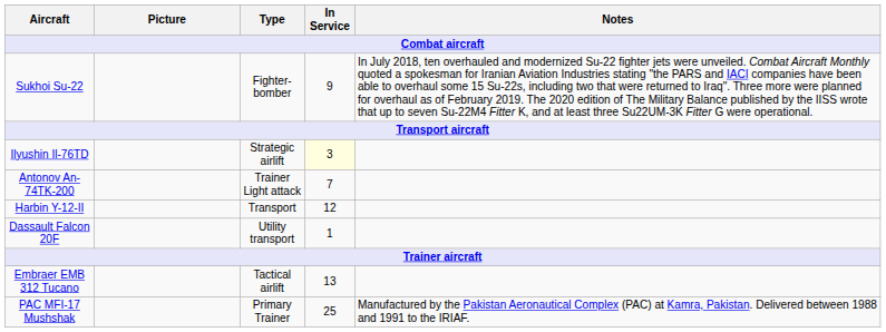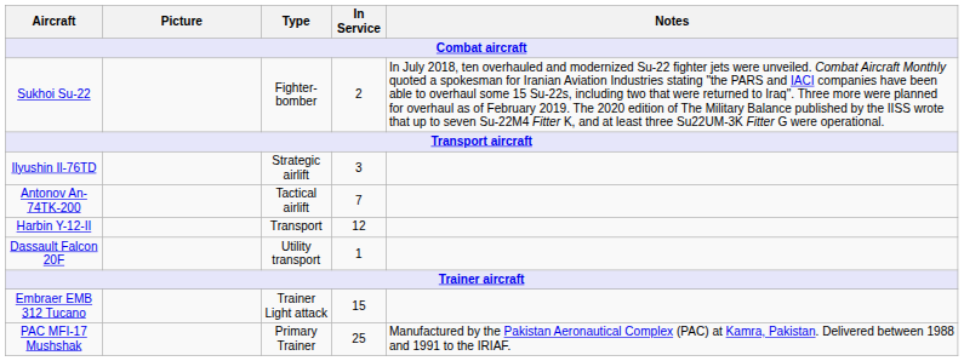 <table class="wikitable" style="text-align:center;">
 <tr>
 <th style="text-align:center">Aircraft</th>
 <th style="text-align:center; width:200px;">Picture</th>
 <th style="text-align:center">Type</th>
 <th style="text-align:center">In Service</th>
 <th style="text-align:center; width:60%;">Notes</th>
 </tr>
 <tr>
 <th style="align: center; background: lavender;" colspan="7"><strong><a href='#'>Combat aircraft</a></strong></th>
 </tr>
 <tr>
 <td><a href='#'>Sukhoi Su-22</a></td>
 <td></td>
 <td>Fighter-bomber</td>
-<td>9</td>
+<td>2</td>
 <td style="text-align:left">In July 2018, ten overhauled and modernized Su-22 fighter jets were unveiled. <em>Combat Aircraft Monthly</em> quoted a spokesman for Iranian Aviation Industries stating "the PARS and <a href='#'>IACI</a> companies have been able to overhaul some 15 Su-22s, including two that were returned to Iraq". Three more were planned for overhaul as of February 2019. The 2020 edition of The Military Balance published by the IISS wrote that up to seven Su-22M4 <em>Fitter</em> K, and at least three Su22UM-3K <em>Fitter</em> G were operational.</td>
 </tr>
 <tr>
 <th style="align: center; background: lavender;" colspan="7"><strong><a href='#'>Transport aircraft</a></strong></th>
 </tr>
 <tr>
 <td><a href='#'>Ilyushin Il-76TD</a></td>
 <td></td>
 <td>Strategic airlift</td>
-<td style="background: lightyellow;">3</td>
+<td>3</td>
 <td style="text-align:left"></td>
 </tr>
 <tr>
 <td><a href='#'>Antonov An-74TK-200</a></td>
 <td></td>
-<td>Trainer<br>Light attack</td>
+<td>Tactical airlift</td>
 <td>7</td>
 <td style="text-align:left"></td>
 </tr>
 <tr>
 <td><a href='#'>Harbin Y-12-II</a></td>
 <td></td>
 <td>Transport</td>
 <td>12</td>
 <td style="text-align:left"></td>
 </tr>
 <tr>
 <td><a href='#'>Dassault Falcon 20F</a></td>
 <td></td>
 <td>Utility transport</td>
 <td>1</td>
 <td style="text-align:left"></td>
 </tr>
 <tr>
 <th style="align: center; background: lavender;" colspan="7"><strong><a href='#'>Trainer aircraft</a></strong></th>
 </tr>
 <tr>
 <td><a href='#'>Embraer EMB 312 Tucano</a></td>
 <td></td>
-<td>Tactical airlift</td>
-<td>13</td>
+<td>Trainer<br>Light attack</td>
+<td>15</td>
 <td style="text-align:left"></td>
 </tr>
 <tr>
 <td><a href='#'>PAC MFI-17 Mushshak</a></td>
 <td></td>
 <td>Primary Trainer</td>
 <td>25</td>
 <td style="text-align:left">Manufactured by the <a href='#'>Pakistan Aeronautical Complex</a> (PAC) at <a href='#'>Kamra, Pakistan</a>. Delivered between 1988 and 1991 to the IRIAF.</td>
 </tr>
 </table>
